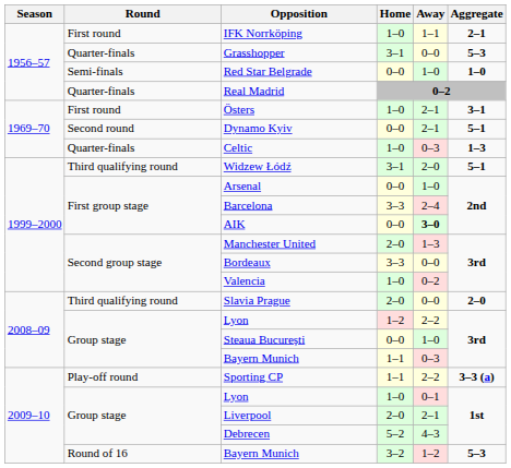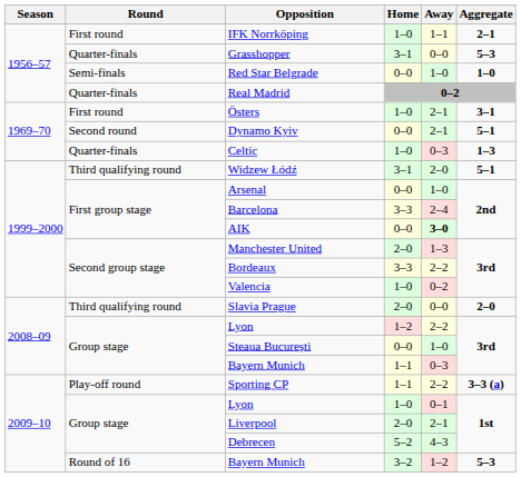 <table class="wikitable">
 <tr>
 <th>Season</th>
 <th width=200>Round</th>
 <th width=200>Opposition</th>
 <th>Home</th>
 <th>Away</th>
 <th>Aggregate</th>
 </tr>
 <tr>
 <td rowspan=4><a href='#'>1956–57</a></td>
 <td>First round</td>
 <td> <a href='#'>IFK Norrköping</a></td>
 <td style="text-align:center; background:#dfd;">1–0</td>
 <td style="text-align:center; background:#ffd;">1–1</td>
 <td style="text-align:center;"><strong>2–1</strong></td>
 </tr>
 <tr>
 <td>Quarter-finals</td>
 <td> <a href='#'>Grasshopper</a></td>
 <td style="text-align:center; background:#dfd;">3–1</td>
 <td style="text-align:center; background:#ffd;">0–0</td>
 <td style="text-align:center;"><strong>5–3</strong></td>
 </tr>
 <tr>
 <td>Semi-finals</td>
 <td> <a href='#'>Red Star Belgrade</a></td>
 <td style="text-align:center; background:#ffd;">0–0</td>
 <td style="text-align:center; background:#dfd;">1–0</td>
 <td style="text-align:center;"><strong>1–0</strong></td>
 </tr>
 <tr>
 <td>Quarter-finals</td>
 <td> <a href='#'>Real Madrid</a></td>
 <td colspan=3 bgcolor=Silver style="text-align:center;"><strong>0–2</strong></td>
 </tr>
 <tr>
 <td rowspan=3><a href='#'>1969–70</a></td>
 <td>First round</td>
 <td> <a href='#'>Östers</a></td>
 <td style="text-align:center; background:#dfd;">1–0</td>
 <td style="text-align:center; background:#dfd;">2–1</td>
 <td style="text-align:center;"><strong>3–1</strong></td>
 </tr>
 <tr>
 <td>Second round</td>
 <td> <a href='#'>Dynamo Kyiv</a></td>
 <td style="text-align:center; background:#ffd;">0–0</td>
 <td style="text-align:center; background:#dfd;">2–1</td>
 <td style="text-align:center;"><strong>5–1</strong></td>
 </tr>
 <tr>
 <td>Quarter-finals</td>
 <td> <a href='#'>Celtic</a></td>
 <td style="text-align:center; background:#dfd;">1–0</td>
 <td style="text-align:center; background:#fdd;">0–3</td>
 <td style="text-align:center;"><strong>1–3</strong></td>
 </tr>
 <tr>
 <td rowspan=7><a href='#'>1999–2000</a></td>
 <td>Third qualifying round</td>
 <td> <a href='#'>Widzew Łódź</a></td>
 <td style="text-align:center; background:#dfd;">3–1</td>
 <td style="text-align:center; background:#dfd;">2–0</td>
 <td style="text-align:center;"><strong>5–1</strong></td>
 </tr>
 <tr>
 <td rowspan=3>First group stage</td>
 <td> <a href='#'>Arsenal</a></td>
 <td style="text-align:center; background:#ffd;">0–0</td>
 <td style="text-align:center; background:#dfd;">1–0</td>
 <td rowspan=3 style="text-align:center;"><strong>2nd</strong></td>
 </tr>
 <tr>
 <td> <a href='#'>Barcelona</a></td>
 <td style="text-align:center; background:#ffd;">3–3</td>
 <td style="text-align:center; background:#fdd;">2–4</td>
 </tr>
 <tr>
 <td> <a href='#'>AIK</a></td>
 <td style="text-align:center; background:#ffd;">0–0</td>
 <td style="text-align:center; background:#dfd;"><strong>3–0</strong></td>
 </tr>
 <tr>
 <td rowspan=3>Second group stage</td>
 <td> <a href='#'>Manchester United</a></td>
 <td style="text-align:center; background:#dfd;">2–0</td>
 <td style="text-align:center; background:#fdd;">1–3</td>
 <td rowspan=3 style="text-align:center;"><strong>3rd</strong></td>
 </tr>
 <tr>
 <td> <a href='#'>Bordeaux</a></td>
 <td style="text-align:center; background:#ffd;">3–3</td>
-<td style="text-align:center; background:#ffd;">0–0</td>
+<td style="text-align:center; background:#ffd;">2–2</td>
 </tr>
 <tr>
 <td> <a href='#'>Valencia</a></td>
 <td style="text-align:center; background:#dfd;">1–0</td>
 <td style="text-align:center; background:#fdd;">0–2</td>
 </tr>
 <tr>
 <td rowspan=4><a href='#'>2008–09</a></td>
 <td>Third qualifying round</td>
 <td> <a href='#'>Slavia Prague</a></td>
 <td style="text-align:center; background:#dfd;">2–0</td>
 <td style="text-align:center; background:#ffd;">0–0</td>
 <td style="text-align:center;"><strong>2–0</strong></td>
 </tr>
 <tr>
 <td rowspan=3>Group stage</td>
 <td> <a href='#'>Lyon</a></td>
 <td style="text-align:center; background:#fdd;">1–2</td>
 <td style="text-align:center; background:#ffd;">2–2</td>
 <td rowspan=3 style="text-align:center;"><strong>3rd</strong></td>
 </tr>
 <tr>
 <td> <a href='#'>Steaua București</a></td>
 <td style="text-align:center; background:#ffd;">0–0</td>
 <td style="text-align:center; background:#dfd;">1–0</td>
 </tr>
 <tr>
 <td> <a href='#'>Bayern Munich</a></td>
 <td style="text-align:center; background:#ffd;">1–1</td>
 <td style="text-align:center; background:#fdd;">0–3</td>
 </tr>
 <tr>
 <td rowspan=5><a href='#'>2009–10</a></td>
 <td>Play-off round</td>
 <td> <a href='#'>Sporting CP</a></td>
 <td style="text-align:center; background:#ffd;">1–1</td>
 <td style="text-align:center; background:#ffd;">2–2</td>
 <td style="text-align:center;"><strong>3–3 (<a href='#'>a</a>)</strong></td>
 </tr>
 <tr>
 <td rowspan=3>Group stage</td>
 <td> <a href='#'>Lyon</a></td>
 <td style="text-align:center; background:#dfd;">1–0</td>
 <td style="text-align:center; background:#fdd;">0–1</td>
 <td rowspan=3 style="text-align:center;"><strong>1st</strong></td>
 </tr>
 <tr>
 <td> <a href='#'>Liverpool</a></td>
 <td style="text-align:center; background:#dfd;">2–0</td>
 <td style="text-align:center; background:#dfd;">2–1</td>
 </tr>
 <tr>
 <td> <a href='#'>Debrecen</a></td>
 <td style="text-align:center; background:#dfd;">5–2</td>
 <td style="text-align:center; background:#dfd;">4–3</td>
 </tr>
 <tr>
 <td>Round of 16</td>
 <td> <a href='#'>Bayern Munich</a></td>
 <td style="text-align:center; background:#dfd;">3–2</td>
 <td style="text-align:center; background:#fdd;">1–2</td>
 <td style="text-align:center;"><strong>5–3</strong></td>
 </tr>
 </table>
